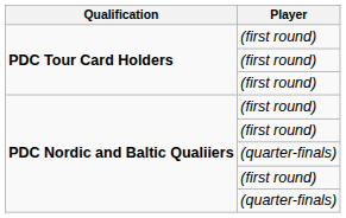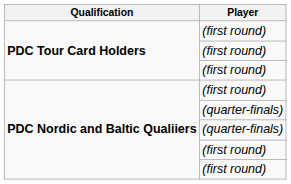 <table class="wikitable">
 <tr style="font-size:10pt;font-weight:bold">
 <th>Qualification</th>
 <th>Player</th>
 </tr>
 <tr>
 <td rowspan="3"><strong>PDC Tour Card Holders</strong></td>
 <td> <em>(first round)</em></td>
 </tr>
 <tr>
 <td> <em>(first round)</em></td>
 </tr>
 <tr>
 <td> <em>(first round)</em></td>
 </tr>
 <tr>
 <td rowspan="5"><strong>PDC Nordic and Baltic Qualiiers</strong></td>
 <td> <em>(first round)</em></td>
 </tr>
 <tr>
-<td> <em>(first round)</em></td>
+<td> <em>(quarter-finals)</em></td>
 </tr>
 <tr>
 <td> <em>(quarter-finals)</em></td>
 </tr>
 <tr>
 <td> <em>(first round)</em></td>
 </tr>
 <tr>
-<td> <em>(quarter-finals)</em></td>
+<td> <em>(first round)</em></td>
 </tr>
 </table>
